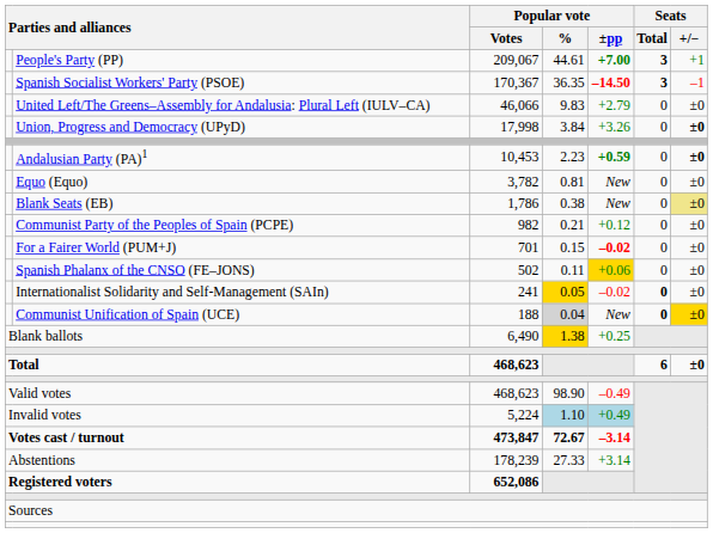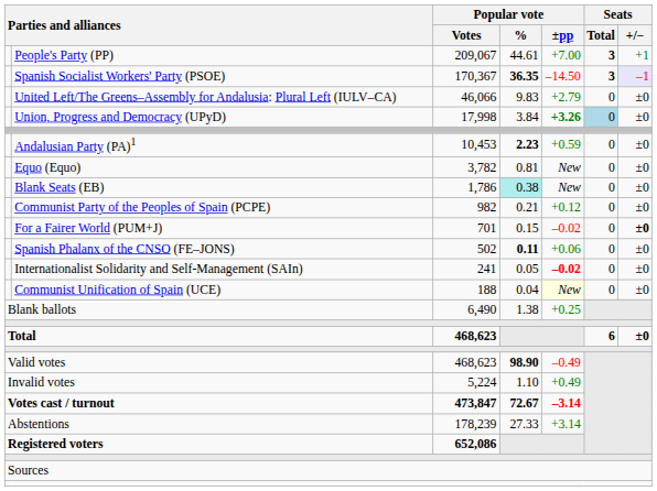 <table class="wikitable" style="text-align:right;">
 <tr>
 <th style="text-align:left;" rowspan="2" colspan="2" width="525">Parties and alliances</th>
 <th colspan="3">Popular vote</th>
 <th colspan="2">Seats</th>
 </tr>
 <tr>
 <th width="75">Votes</th>
 <th width="45">%</th>
 <th width="45">±<a href='#'>pp</a></th>
 <th width="35">Total</th>
 <th width="35">+/−</th>
 </tr>
 <tr>
 <td width="1" style="color:inherit;background:"></td>
 <td align="left"><a href='#'>People's Party</a> (PP)</td>
 <td>209,067</td>
 <td>44.61</td>
-<td style="color:green;"><strong>+7.00</strong></td>
+<td style="color:green;">+7.00</td>
 <td><strong>3</strong></td>
 <td style="color:green;">+1</td>
 </tr>
 <tr>
 <td style="color:inherit;background:"></td>
 <td align="left"><a href='#'>Spanish Socialist Workers' Party</a> (PSOE)</td>
 <td>170,367</td>
-<td>36.35</td>
-<td style="color:red;"><strong>–14.50</strong></td>
+<td><strong>36.35</strong></td>
+<td style="color:red;">–14.50</td>
 <td><strong>3</strong></td>
-<td style="color:red;">–1</td>
+<td style="background: lavender; color:red;">–1</td>
 </tr>
 <tr>
 <td style="color:inherit;background:"></td>
 <td align="left"><a href='#'>United Left/The Greens–Assembly for Andalusia</a>: <a href='#'>Plural Left</a> (IULV–CA)</td>
 <td>46,066</td>
 <td>9.83</td>
 <td style="color:green;">+2.79</td>
 <td>0</td>
 <td>±0</td>
 </tr>
 <tr>
 <td style="color:inherit;background:"></td>
 <td align="left"><a href='#'>Union, Progress and Democracy</a> (UPyD)</td>
 <td>17,998</td>
 <td>3.84</td>
-<td style="color:green;">+3.26</td>
-<td>0</td>
-<td><strong>±0</strong></td>
+<td style="color:green;"><strong>+3.26</strong></td>
+<td style="background: lightblue;">0</td>
+<td>±0</td>
 </tr>
 <tr>
 <td colspan="7" bgcolor="#C0C0C0"></td>
 </tr>
 <tr>
 <td style="color:inherit;background:"></td>
 <td align="left"><a href='#'>Andalusian Party</a> (PA)<sup>1</sup></td>
 <td>10,453</td>
-<td>2.23</td>
-<td style="color:green;"><strong>+0.59</strong></td>
+<td><strong>2.23</strong></td>
+<td style="color:green;">+0.59</td>
 <td>0</td>
-<td><strong>±0</strong></td>
+<td>±0</td>
 </tr>
 <tr>
 <td style="color:inherit;background:"></td>
 <td align="left"><a href='#'>Equo</a> (Equo)</td>
 <td>3,782</td>
 <td>0.81</td>
 <td><em>New</em></td>
 <td>0</td>
 <td>±0</td>
 </tr>
 <tr>
 <td style="color:inherit;background:"></td>
 <td align="left"><a href='#'>Blank Seats</a> (EB)</td>
 <td>1,786</td>
-<td>0.38</td>
+<td style="background: paleturquoise;">0.38</td>
 <td><em>New</em></td>
 <td>0</td>
-<td style="background: khaki;">±0</td>
+<td>±0</td>
 </tr>
 <tr>
 <td style="color:inherit;background:"></td>
 <td align="left"><a href='#'>Communist Party of the Peoples of Spain</a> (PCPE)</td>
 <td>982</td>
 <td>0.21</td>
 <td style="color:green;">+0.12</td>
 <td>0</td>
 <td>±0</td>
 </tr>
 <tr>
 <td style="color:inherit;background:"></td>
 <td align="left"><a href='#'>For a Fairer World</a> (PUM+J)</td>
 <td>701</td>
 <td>0.15</td>
-<td style="color:red;"><strong>–0.02</strong></td>
+<td style="color:red;">–0.02</td>
 <td>0</td>
-<td>±0</td>
+<td><strong>±0</strong></td>
 </tr>
 <tr>
 <td style="color:inherit;background:"></td>
 <td align="left"><a href='#'>Spanish Phalanx of the CNSO</a> (FE–JONS)</td>
 <td>502</td>
-<td>0.11</td>
-<td style="background: gold; color:green;">+0.06</td>
+<td><strong>0.11</strong></td>
+<td style="color:green;">+0.06</td>
 <td>0</td>
 <td>±0</td>
 </tr>
 <tr>
 <td style="color:inherit;background:"></td>
 <td align="left">Internationalist Solidarity and Self-Management (SAIn)</td>
 <td>241</td>
-<td style="background: gold;">0.05</td>
-<td style="color:red;">–0.02</td>
-<td><strong>0</strong></td>
+<td>0.05</td>
+<td style="color:red;"><strong>–0.02</strong></td>
+<td>0</td>
 <td>±0</td>
 </tr>
 <tr>
 <td style="color:inherit;background:"></td>
 <td align="left"><a href='#'>Communist Unification of Spain</a> (UCE)</td>
 <td>188</td>
-<td style="background: lightgrey;">0.04</td>
-<td><em>New</em></td>
-<td><strong>0</strong></td>
-<td style="background: gold;">±0</td>
+<td>0.04</td>
+<td style="background: lightyellow;"><em>New</em></td>
+<td>0</td>
+<td>±0</td>
 </tr>
 <tr>
 <td align="left" colspan="2">Blank ballots</td>
 <td>6,490</td>
-<td style="background: gold;">1.38</td>
+<td>1.38</td>
 <td style="color:green;">+0.25</td>
 <td bgcolor="#E9E9E9" colspan="2"></td>
 </tr>
 <tr>
 <td colspan="7" bgcolor="#E9E9E9"></td>
 </tr>
 <tr style="font-weight:bold;">
 <td align="left" colspan="2">Total</td>
 <td>468,623</td>
 <td bgcolor="#E9E9E9" colspan="2"></td>
 <td>6</td>
 <td>±0</td>
 </tr>
 <tr>
 <td colspan="7" bgcolor="#E9E9E9"></td>
 </tr>
 <tr>
 <td align="left" colspan="2">Valid votes</td>
 <td>468,623</td>
-<td>98.90</td>
+<td><strong>98.90</strong></td>
 <td style="color:red;">–0.49</td>
 <td bgcolor="#E9E9E9" colspan="2" rowspan="5"></td>
 </tr>
 <tr>
 <td align="left" colspan="2">Invalid votes</td>
 <td>5,224</td>
-<td style="background: lightblue;">1.10</td>
-<td style="background: lightblue; color:green;">+0.49</td>
+<td>1.10</td>
+<td style="color:green;">+0.49</td>
 </tr>
 <tr style="font-weight:bold;">
 <td align="left" colspan="2">Votes cast / turnout</td>
 <td>473,847</td>
 <td>72.67</td>
 <td style="color:red;">–3.14</td>
 </tr>
 <tr>
 <td align="left" colspan="2">Abstentions</td>
 <td>178,239</td>
 <td>27.33</td>
 <td style="color:green;">+3.14</td>
 </tr>
 <tr style="font-weight:bold;">
 <td align="left" colspan="2">Registered voters</td>
 <td>652,086</td>
 <td bgcolor="#E9E9E9" colspan="2"></td>
 </tr>
 <tr>
 <td colspan="7" bgcolor="#E9E9E9"></td>
 </tr>
 <tr>
 <td align="left" colspan="7">Sources</td>
 </tr>
 <tr>
 <td colspan="7" style="text-align:left; max-width:790px;"></td>
 </tr>
 </table>
